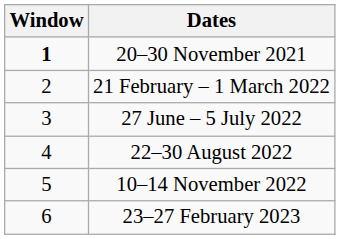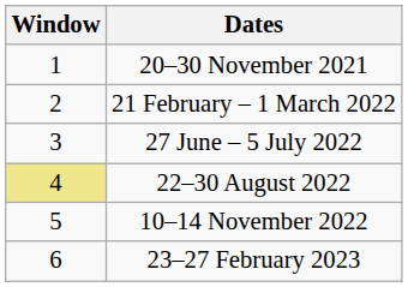 <table class="wikitable">
 <tr>
 <th>Window</th>
 <th>Dates</th>
 </tr>
 <tr align=center>
-<td><strong>1</strong></td>
+<td>1</td>
 <td>20–30 November 2021</td>
 </tr>
 <tr align=center>
 <td>2</td>
 <td>21 February – 1 March 2022</td>
 </tr>
 <tr align=center>
 <td>3</td>
 <td>27 June – 5 July 2022</td>
 </tr>
 <tr align=center>
-<td>4</td>
+<td style="background: khaki;">4</td>
 <td>22–30 August 2022</td>
 </tr>
 <tr align=center>
 <td>5</td>
 <td>10–14 November 2022</td>
 </tr>
 <tr align=center>
 <td>6</td>
 <td>23–27 February 2023</td>
 </tr>
 </table>
